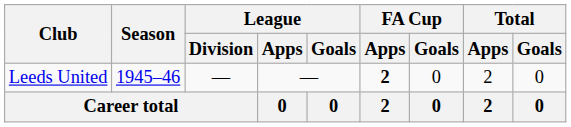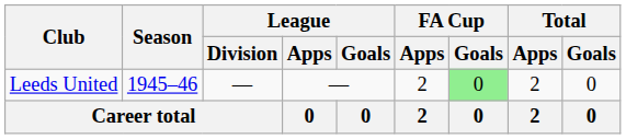 <table class="wikitable" style="text-align:center">
 <tr>
 <th rowspan="2">Club</th>
 <th rowspan="2">Season</th>
 <th colspan="3">League</th>
 <th colspan="2">FA Cup</th>
 <th colspan="2">Total</th>
 </tr>
 <tr>
 <th>Division</th>
 <th>Apps</th>
 <th>Goals</th>
 <th>Apps</th>
 <th>Goals</th>
 <th>Apps</th>
 <th>Goals</th>
 </tr>
 <tr>
 <td><a href='#'>Leeds United</a></td>
 <td><a href='#'>1945–46</a></td>
 <td>―</td>
 <td colspan="2">―</td>
-<td><strong>2</strong></td>
-<td>0</td>
+<td>2</td>
+<td style="background: lightgreen;">0</td>
 <td>2</td>
 <td>0</td>
 </tr>
 <tr>
 <th colspan="3">Career total</th>
 <th>0</th>
 <th>0</th>
 <th>2</th>
 <th>0</th>
 <th>2</th>
 <th>0</th>
 </tr>
 </table>
